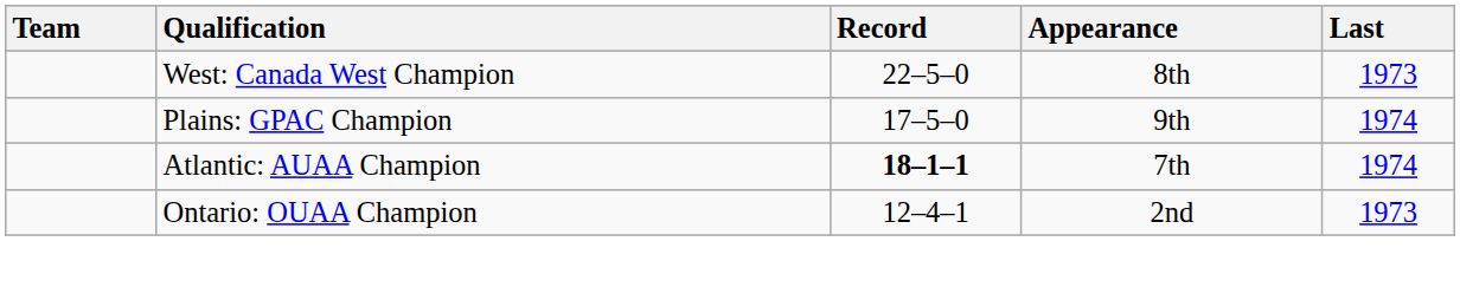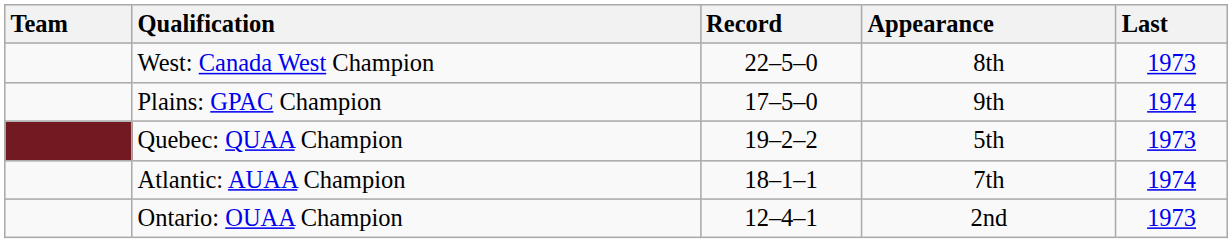 <table class="wikitable sortable" style="text-align: center;" width=800>
 <tr style="background:#efefef; text-align:center">
 <th style="text-align:left">Team</th>
 <th style="text-align:left">Qualification</th>
 <th style="text-align:left">Record</th>
 <th style="text-align:left">Appearance</th>
 <th style="text-align:left">Last</th>
 </tr>
 <tr style="text-align:center">
 <td style="text-align:left; "><a href='#'></a></td>
 <td style="text-align:left">West: <a href='#'>Canada West</a> Champion</td>
 <td style="text-align:center">22–5–0</td>
 <td style="text-align:center">8th</td>
 <td style="text-align:center"><a href='#'>1973</a></td>
 </tr>
 <tr style="text-align:center">
 <td style="text-align:left; "><a href='#'></a></td>
 <td style="text-align:left">Plains: <a href='#'>GPAC</a> Champion</td>
 <td style="text-align:center">17–5–0</td>
 <td style="text-align:center">9th</td>
 <td style="text-align:center"><a href='#'>1974</a></td>
 </tr>
 <tr style="text-align:center">
+<td style="text-align:left; color:white; background:#731921; "><a href='#'></a></td>
+<td style="text-align:left">Quebec: <a href='#'>QUAA</a> Champion</td>
+<td style="text-align:center">19–2–2</td>
+<td style="text-align:center">5th</td>
+<td style="text-align:center"><a href='#'>1973</a></td>
+</tr>
+<tr style="text-align:center">
 <td style="text-align:left; "><a href='#'></a></td>
 <td style="text-align:left">Atlantic: <a href='#'>AUAA</a> Champion</td>
-<td style="text-align:center"><strong>18–1–1</strong></td>
+<td style="text-align:center">18–1–1</td>
 <td style="text-align:center">7th</td>
 <td style="text-align:center"><a href='#'>1974</a></td>
 </tr>
 <tr style="text-align:center">
 <td style="text-align:left; "><a href='#'></a></td>
 <td style="text-align:left">Ontario: <a href='#'>OUAA</a> Champion</td>
 <td style="text-align:center">12–4–1</td>
 <td style="text-align:center">2nd</td>
 <td style="text-align:center"><a href='#'>1973</a></td>
 </tr>
 </table>
